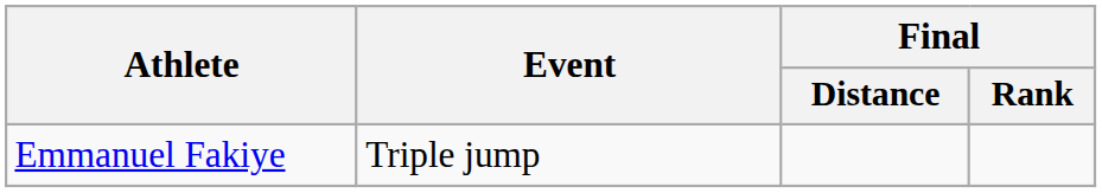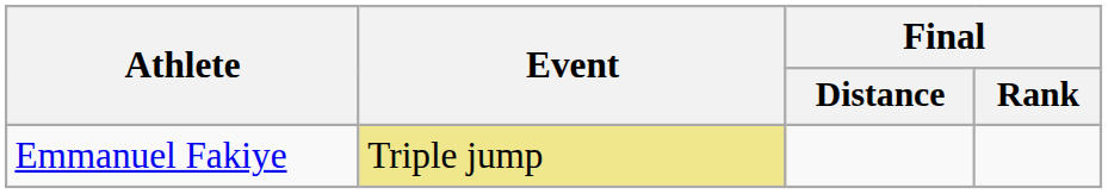 <table class="wikitable" style="font-size:90%">
 <tr>
 <th rowspan=2 style="width:9em;">Athlete</th>
 <th rowspan=2 style="width:11em;">Event</th>
 <th colspan=2 style="width:8em;">Final</th>
 </tr>
 <tr style="font-size:95%">
 <th>Distance</th>
 <th>Rank</th>
 </tr>
 <tr align=center>
 <td align=left><a href='#'>Emmanuel Fakiye</a></td>
-<td align=left>Triple jump</td>
+<td align=left style="background: khaki;">Triple jump</td>
 <td></td>
 <td></td>
 </tr>
 </table>
